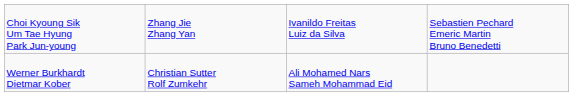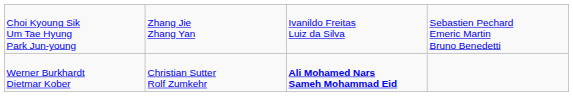 <table class="wikitable">
 <tr>
 <td style="vertical-align:top; width:220px"><br><a href='#'>Choi Kyoung Sik</a><br><a href='#'>Um Tae Hyung</a><br><a href='#'>Park Jun-young</a></td>
 <td style="vertical-align:top; width:220px"><br><a href='#'>Zhang Jie</a><br><a href='#'>Zhang Yan</a></td>
 <td style="vertical-align:top; width:220px"><br><a href='#'>Ivanildo Freitas</a><br><a href='#'>Luiz da Silva</a></td>
 <td style="vertical-align:top; width:220px"><br><a href='#'>Sebastien Pechard</a><br><a href='#'>Emeric Martin</a><br><a href='#'>Bruno Benedetti</a></td>
 </tr>
 <tr>
 <td style="vertical-align:top; width:220px"><br><a href='#'>Werner Burkhardt</a><br><a href='#'>Dietmar Kober</a></td>
 <td style="vertical-align:top; width:220px"><br><a href='#'>Christian Sutter</a><br><a href='#'>Rolf Zumkehr</a></td>
-<td style="vertical-align:top; width:220px"><br><a href='#'>Ali Mohamed Nars</a><br><a href='#'>Sameh Mohammad Eid</a></td>
+<td style="vertical-align:top; width:220px"><strong><br><a href='#'>Ali Mohamed Nars</a><br><a href='#'>Sameh Mohammad Eid</a></strong></td>
 </tr>
 </table>
